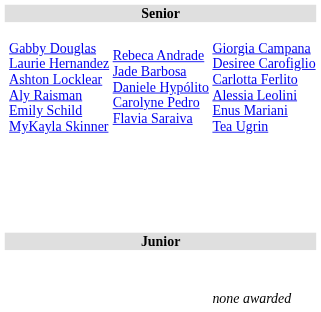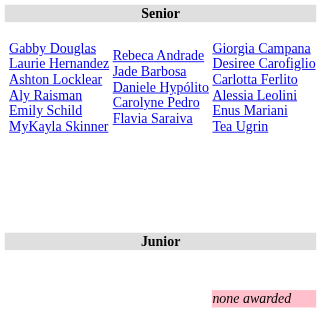 <table>
 <tr bgcolor="DFDFDF">
 <td colspan="5" align="center"><strong>Senior</strong></td>
 </tr>
 <tr>
 <td><br></td>
 <td> <br> <a href='#'>Gabby Douglas</a> <br> <a href='#'>Laurie Hernandez</a> <br> <a href='#'>Ashton Locklear</a> <br> <a href='#'>Aly Raisman</a> <br> <a href='#'>Emily Schild</a> <br> <a href='#'>MyKayla Skinner</a></td>
 <td> <br> <a href='#'>Rebeca Andrade</a> <br> <a href='#'>Jade Barbosa</a> <br> <a href='#'>Daniele Hypólito</a> <br> <a href='#'>Carolyne Pedro</a> <br> <a href='#'>Flavia Saraiva</a></td>
 <td> <br> <a href='#'>Giorgia Campana</a> <br> <a href='#'>Desiree Carofiglio</a> <br> <a href='#'>Carlotta Ferlito</a> <br> <a href='#'>Alessia Leolini</a> <br> <a href='#'>Enus Mariani</a> <br> <a href='#'>Tea Ugrin</a></td>
 </tr>
 <tr>
 <td><br></td>
 <td></td>
 <td></td>
 <td></td>
 </tr>
 <tr>
 <td><br></td>
 <td></td>
 <td></td>
 <td></td>
 </tr>
 <tr>
 <td><br></td>
 <td></td>
 <td></td>
 <td></td>
 </tr>
 <tr>
 <td><br></td>
 <td></td>
 <td></td>
 <td></td>
 </tr>
 <tr>
 <td><br></td>
 <td></td>
 <td></td>
 <td></td>
 </tr>
 <tr bgcolor="DFDFDF">
 <td colspan="5" align="center"><strong>Junior</strong></td>
 </tr>
 <tr>
 <td><br></td>
 <td></td>
 <td></td>
 <td></td>
 </tr>
 <tr>
 <td><br></td>
 <td></td>
 <td></td>
 <td></td>
 </tr>
 <tr>
 <td><br></td>
 <td></td>
 <td> <br> </td>
-<td><em>none awarded</em></td>
+<td style="background: pink;"><em>none awarded</em></td>
 </tr>
 <tr>
 <td><br></td>
 <td></td>
 <td></td>
 <td></td>
 </tr>
 <tr>
 <td><br></td>
 <td></td>
 <td></td>
 <td></td>
 </tr>
 </table>
